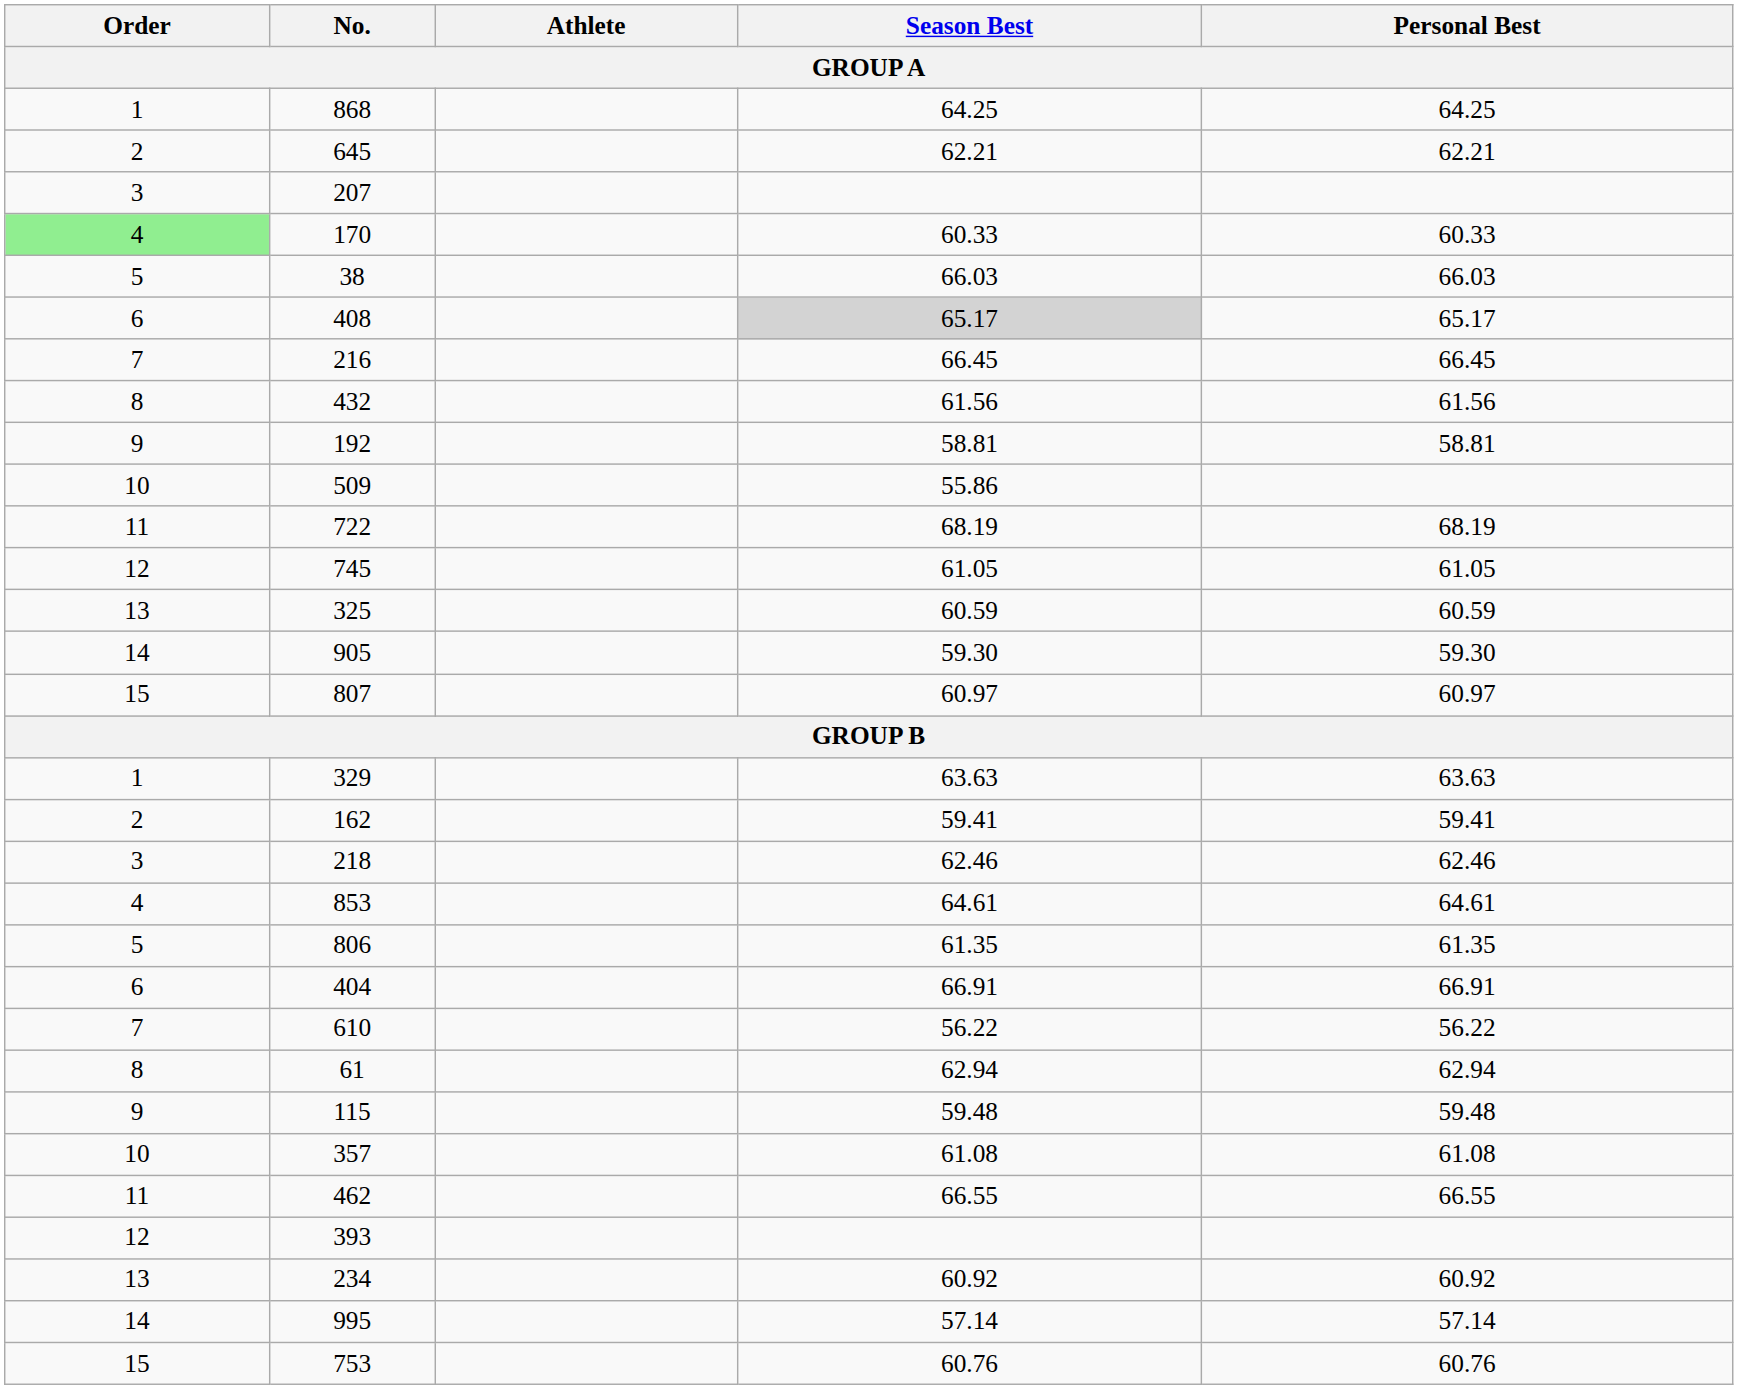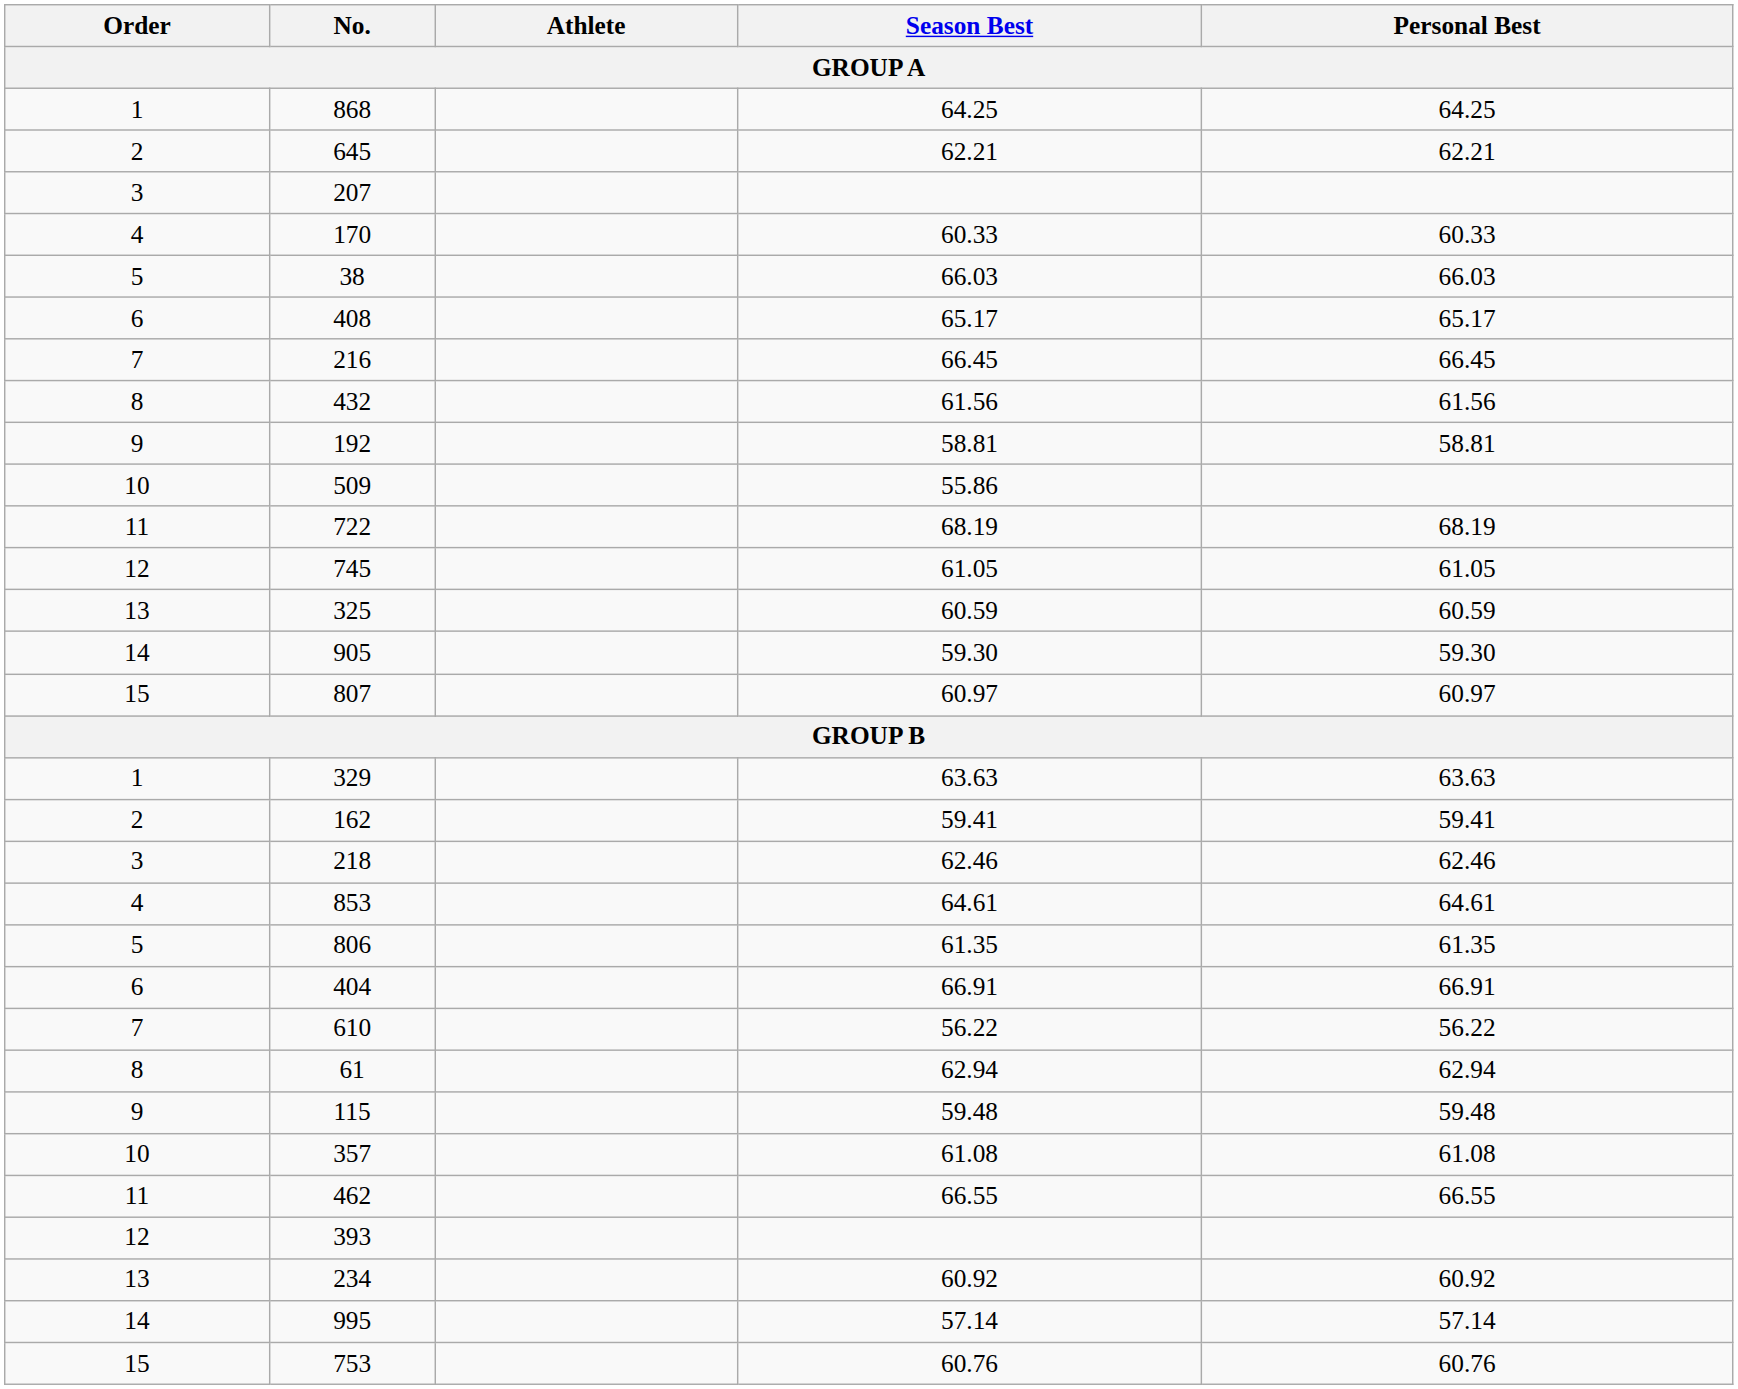 <table class="wikitable" style=" text-align:center; font-size:110%;" width="95%">
 <tr>
 <th>Order</th>
 <th>No.</th>
 <th>Athlete</th>
 <th><a href='#'>Season Best</a></th>
 <th>Personal Best</th>
 </tr>
 <tr>
 <th colspan="5">GROUP A</th>
 </tr>
 <tr>
 <td>1</td>
 <td>868</td>
 <td align=left></td>
 <td>64.25</td>
 <td>64.25</td>
 </tr>
 <tr>
 <td>2</td>
 <td>645</td>
 <td align=left></td>
 <td>62.21</td>
 <td>62.21</td>
 </tr>
 <tr>
 <td>3</td>
 <td>207</td>
 <td align=left></td>
 <td></td>
 <td></td>
 </tr>
 <tr>
-<td style="background: lightgreen;">4</td>
+<td>4</td>
 <td>170</td>
 <td align=left></td>
 <td>60.33</td>
 <td>60.33</td>
 </tr>
 <tr>
 <td>5</td>
 <td>38</td>
 <td align=left></td>
 <td>66.03</td>
 <td>66.03</td>
 </tr>
 <tr>
 <td>6</td>
 <td>408</td>
 <td align=left></td>
-<td style="background: lightgrey;">65.17</td>
+<td>65.17</td>
 <td>65.17</td>
 </tr>
 <tr>
 <td>7</td>
 <td>216</td>
 <td align=left></td>
 <td>66.45</td>
 <td>66.45</td>
 </tr>
 <tr>
 <td>8</td>
 <td>432</td>
 <td align=left></td>
 <td>61.56</td>
 <td>61.56</td>
 </tr>
 <tr>
 <td>9</td>
 <td>192</td>
 <td align=left></td>
 <td>58.81</td>
 <td>58.81</td>
 </tr>
 <tr>
 <td>10</td>
 <td>509</td>
 <td align=left></td>
 <td>55.86</td>
 <td></td>
 </tr>
 <tr>
 <td>11</td>
 <td>722</td>
 <td align=left></td>
 <td>68.19</td>
 <td>68.19</td>
 </tr>
 <tr>
 <td>12</td>
 <td>745</td>
 <td align=left></td>
 <td>61.05</td>
 <td>61.05</td>
 </tr>
 <tr>
 <td>13</td>
 <td>325</td>
 <td align=left></td>
 <td>60.59</td>
 <td>60.59</td>
 </tr>
 <tr>
 <td>14</td>
 <td>905</td>
 <td align=left></td>
 <td>59.30</td>
 <td>59.30</td>
 </tr>
 <tr>
 <td>15</td>
 <td>807</td>
 <td align=left></td>
 <td>60.97</td>
 <td>60.97</td>
 </tr>
 <tr>
 <th colspan="5">GROUP B</th>
 </tr>
 <tr>
 <td>1</td>
 <td>329</td>
 <td align=left></td>
 <td>63.63</td>
 <td>63.63</td>
 </tr>
 <tr>
 <td>2</td>
 <td>162</td>
 <td align=left></td>
 <td>59.41</td>
 <td>59.41</td>
 </tr>
 <tr>
 <td>3</td>
 <td>218</td>
 <td align=left></td>
 <td>62.46</td>
 <td>62.46</td>
 </tr>
 <tr>
 <td>4</td>
 <td>853</td>
 <td align=left></td>
 <td>64.61</td>
 <td>64.61</td>
 </tr>
 <tr>
 <td>5</td>
 <td>806</td>
 <td align=left></td>
 <td>61.35</td>
 <td>61.35</td>
 </tr>
 <tr>
 <td>6</td>
 <td>404</td>
 <td align=left></td>
 <td>66.91</td>
 <td>66.91</td>
 </tr>
 <tr>
 <td>7</td>
 <td>610</td>
 <td align=left></td>
 <td>56.22</td>
 <td>56.22</td>
 </tr>
 <tr>
 <td>8</td>
 <td>61</td>
 <td align=left></td>
 <td>62.94</td>
 <td>62.94</td>
 </tr>
 <tr>
 <td>9</td>
 <td>115</td>
 <td align=left></td>
 <td>59.48</td>
 <td>59.48</td>
 </tr>
 <tr>
 <td>10</td>
 <td>357</td>
 <td align=left></td>
 <td>61.08</td>
 <td>61.08</td>
 </tr>
 <tr>
 <td>11</td>
 <td>462</td>
 <td align=left></td>
 <td>66.55</td>
 <td>66.55</td>
 </tr>
 <tr>
 <td>12</td>
 <td>393</td>
 <td align=left></td>
 <td></td>
 <td></td>
 </tr>
 <tr>
 <td>13</td>
 <td>234</td>
 <td align=left></td>
 <td>60.92</td>
 <td>60.92</td>
 </tr>
 <tr>
 <td>14</td>
 <td>995</td>
 <td align=left></td>
 <td>57.14</td>
 <td>57.14</td>
 </tr>
 <tr>
 <td>15</td>
 <td>753</td>
 <td align=left></td>
 <td>60.76</td>
 <td>60.76</td>
 </tr>
 </table>
